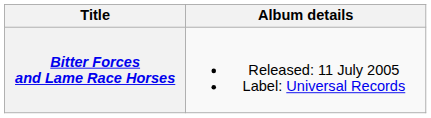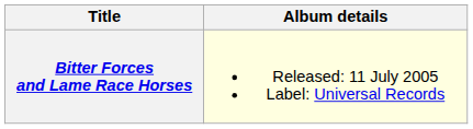 <table class="wikitable plainrowheaders" style="text-align:center;">
 <tr>
 <th scope="col" style="width:12em;">Title</th>
 <th scope="col" style="width:16em;">Album details</th>
 </tr>
 <tr>
 <th scope="row"><em><a href='#'>Bitter Forces<br>and Lame Race Horses</a></em></th>
-<td><br><ul><li>Released: 11 July 2005</li><li>Label: <a href='#'>Universal Records</a></li></ul></td>
+<td style="background: lightyellow;"><br><ul><li>Released: 11 July 2005</li><li>Label: <a href='#'>Universal Records</a></li></ul></td>
 </tr>
 </table>
